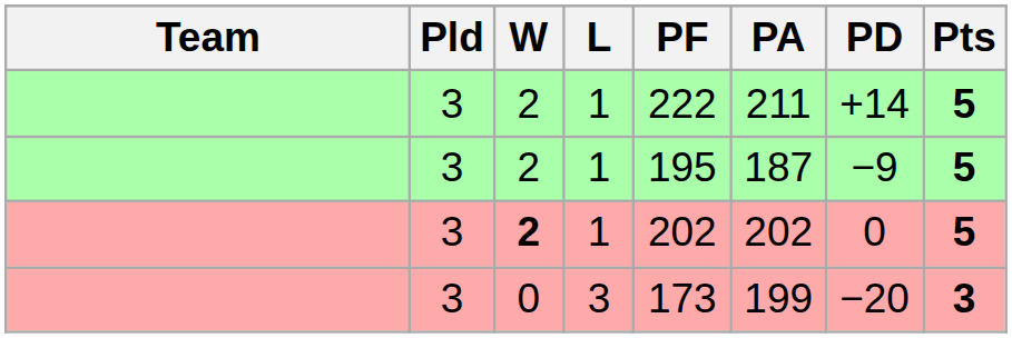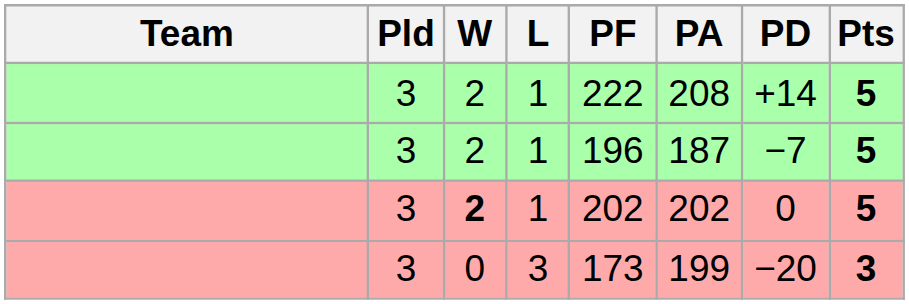 <table class=wikitable>
 <tr align=center>
 </tr>
 <tr>
 <th width=150>Team</th>
 <th width=20>Pld</th>
 <th width=20>W</th>
 <th width=20>L</th>
 <th width=30>PF</th>
 <th width=30>PA</th>
 <th width=30>PD</th>
 <th width=20>Pts</th>
 </tr>
 <tr align=center bgcolor=#aaffaa>
 <td align=left></td>
 <td>3</td>
 <td>2</td>
 <td>1</td>
 <td>222</td>
-<td>211</td>
+<td>208</td>
 <td>+14</td>
 <td><strong>5</strong></td>
 </tr>
 <tr align=center bgcolor=#aaffaa>
 <td align=left></td>
 <td>3</td>
 <td>2</td>
 <td>1</td>
-<td>195</td>
+<td>196</td>
 <td>187</td>
-<td>−9</td>
+<td>−7</td>
 <td><strong>5</strong></td>
 </tr>
 <tr align=center bgcolor=#ffaaaa>
 <td align=left></td>
 <td>3</td>
 <td><strong>2</strong></td>
 <td>1</td>
 <td>202</td>
 <td>202</td>
 <td>0</td>
 <td><strong>5</strong></td>
 </tr>
 <tr align=center bgcolor=#ffaaaa>
 <td align=left></td>
 <td>3</td>
 <td>0</td>
 <td>3</td>
 <td>173</td>
 <td>199</td>
 <td>−20</td>
 <td><strong>3</strong></td>
 </tr>
 </table>
